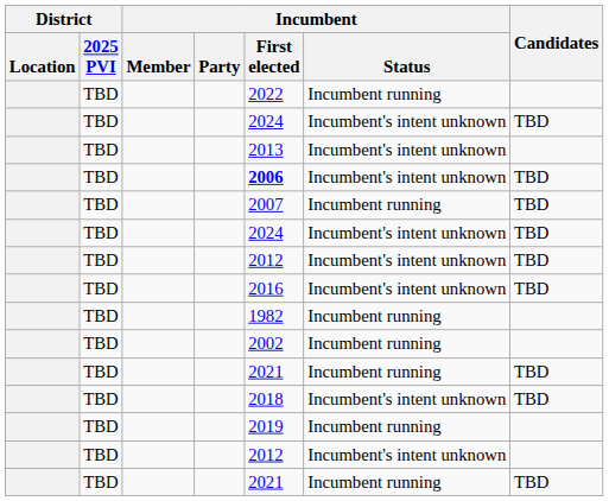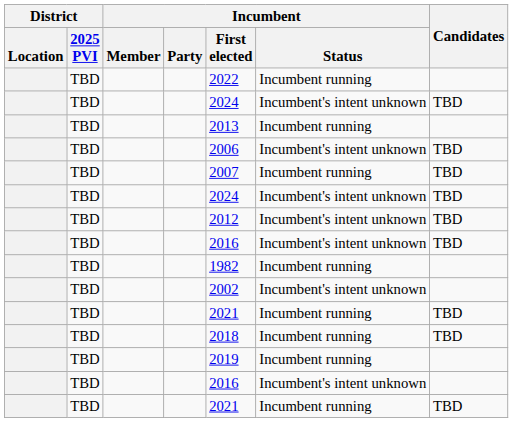 <table class="wikitable sortable">
 <tr>
 <th colspan=2>District</th>
 <th colspan=4>Incumbent</th>
 <th rowspan=2 class="unsortable">Candidates</th>
 </tr>
 <tr valign=bottom>
 <th>Location</th>
 <th><a href='#'>2025<br>PVI</a></th>
 <th>Member</th>
 <th>Party</th>
 <th>First<br>elected</th>
 <th>Status</th>
 </tr>
 <tr>
 <th></th>
 <td>TBD</td>
 <td></td>
 <td></td>
 <td><a href='#'>2022</a></td>
 <td>Incumbent running</td>
 <td></td>
 </tr>
 <tr>
 <th></th>
 <td>TBD</td>
 <td></td>
 <td></td>
 <td><a href='#'>2024</a></td>
 <td>Incumbent's intent unknown</td>
 <td>TBD</td>
 </tr>
 <tr>
 <th></th>
 <td>TBD</td>
 <td></td>
 <td></td>
 <td><a href='#'>2013</a></td>
-<td>Incumbent's intent unknown</td>
+<td>Incumbent running</td>
 <td></td>
 </tr>
 <tr>
 <th></th>
 <td>TBD</td>
 <td></td>
 <td></td>
-<td><strong><a href='#'>2006</a></strong></td>
+<td><a href='#'>2006</a></td>
 <td>Incumbent's intent unknown</td>
 <td>TBD</td>
 </tr>
 <tr>
 <th></th>
 <td>TBD</td>
 <td></td>
 <td></td>
 <td><a href='#'>2007 </a></td>
 <td>Incumbent running</td>
 <td>TBD</td>
 </tr>
 <tr>
 <th></th>
 <td>TBD</td>
 <td></td>
 <td></td>
 <td><a href='#'>2024 </a></td>
 <td>Incumbent's intent unknown</td>
 <td>TBD</td>
 </tr>
 <tr>
 <th></th>
 <td>TBD</td>
 <td></td>
 <td></td>
 <td><a href='#'>2012</a></td>
 <td>Incumbent's intent unknown</td>
 <td>TBD</td>
 </tr>
 <tr>
 <th></th>
 <td>TBD</td>
 <td></td>
 <td></td>
 <td><a href='#'>2016 </a></td>
 <td>Incumbent's intent unknown</td>
 <td>TBD</td>
 </tr>
 <tr>
 <th></th>
 <td>TBD</td>
 <td></td>
 <td></td>
 <td><a href='#'>1982</a></td>
 <td>Incumbent running</td>
 <td></td>
 </tr>
 <tr>
 <th></th>
 <td>TBD</td>
 <td></td>
 <td></td>
 <td><a href='#'>2002</a></td>
-<td>Incumbent running</td>
+<td>Incumbent's intent unknown</td>
 <td></td>
 </tr>
 <tr>
 <th></th>
 <td>TBD</td>
 <td></td>
 <td></td>
 <td><a href='#'>2021 </a></td>
 <td>Incumbent running</td>
 <td>TBD</td>
 </tr>
 <tr>
 <th></th>
 <td>TBD</td>
 <td></td>
 <td></td>
 <td><a href='#'>2018 </a></td>
-<td>Incumbent's intent unknown</td>
+<td>Incumbent running</td>
 <td>TBD</td>
 </tr>
 <tr>
 <th></th>
 <td>TBD</td>
 <td></td>
 <td></td>
 <td><a href='#'>2019</a></td>
 <td>Incumbent running</td>
 <td></td>
 </tr>
 <tr>
 <th></th>
 <td>TBD</td>
 <td></td>
 <td></td>
-<td><a href='#'>2012</a></td>
+<td><a href='#'>2016</a></td>
 <td>Incumbent's intent unknown</td>
 <td></td>
 </tr>
 <tr>
 <th></th>
 <td>TBD</td>
 <td></td>
 <td></td>
 <td><a href='#'>2021 </a></td>
 <td>Incumbent running</td>
 <td>TBD</td>
 </tr>
 </table>
